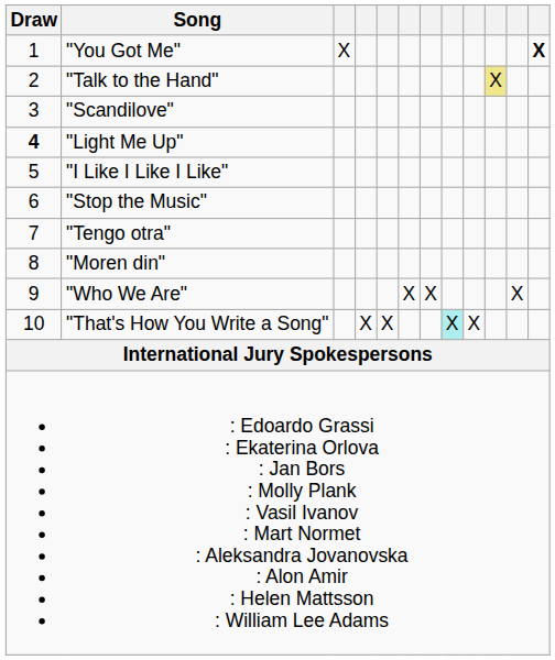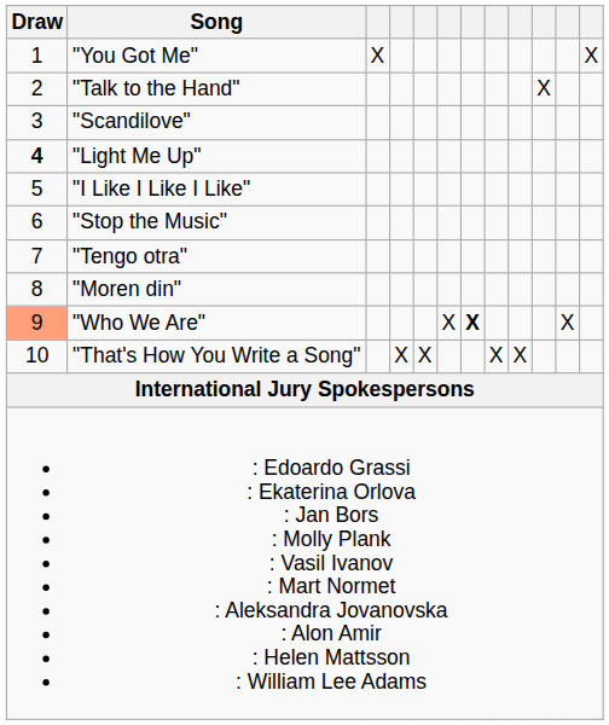 <table class="wikitable collapsible" style="margin: 1em auto 1em auto; text-align:center;">
 <tr>
 <th>Draw</th>
 <th>Song</th>
 <th></th>
 <th></th>
 <th></th>
 <th></th>
 <th></th>
 <th></th>
 <th></th>
 <th></th>
 <th></th>
 <th></th>
 </tr>
 <tr>
 <td>1</td>
 <td align="left">"You Got Me"</td>
 <td>X</td>
 <td></td>
 <td></td>
 <td></td>
 <td></td>
 <td></td>
 <td></td>
 <td></td>
 <td></td>
-<td><strong>X</strong></td>
+<td>X</td>
 </tr>
 <tr>
 <td>2</td>
 <td align="left">"Talk to the Hand"</td>
 <td></td>
 <td></td>
 <td></td>
 <td></td>
 <td></td>
 <td></td>
 <td></td>
-<td style="background: khaki;">X</td>
+<td>X</td>
 <td></td>
 <td></td>
 </tr>
 <tr>
 <td>3</td>
 <td align="left">"Scandilove"</td>
 <td></td>
 <td></td>
 <td></td>
 <td></td>
 <td></td>
 <td></td>
 <td></td>
 <td></td>
 <td></td>
 <td></td>
 </tr>
 <tr>
 <td><strong>4</strong></td>
 <td align="left">"Light Me Up"</td>
 <td></td>
 <td></td>
 <td></td>
 <td></td>
 <td></td>
 <td></td>
 <td></td>
 <td></td>
 <td></td>
 <td></td>
 </tr>
 <tr>
 <td>5</td>
 <td align="left">"I Like I Like I Like"</td>
 <td></td>
 <td></td>
 <td></td>
 <td></td>
 <td></td>
 <td></td>
 <td></td>
 <td></td>
 <td></td>
 <td></td>
 </tr>
 <tr>
 <td>6</td>
 <td align="left">"Stop the Music"</td>
 <td></td>
 <td></td>
 <td></td>
 <td></td>
 <td></td>
 <td></td>
 <td></td>
 <td></td>
 <td></td>
 <td></td>
 </tr>
 <tr>
 <td>7</td>
 <td align="left">"Tengo otra"</td>
 <td></td>
 <td></td>
 <td></td>
 <td></td>
 <td></td>
 <td></td>
 <td></td>
 <td></td>
 <td></td>
 <td></td>
 </tr>
 <tr>
 <td>8</td>
 <td align="left">"Moren din"</td>
 <td></td>
 <td></td>
 <td></td>
 <td></td>
 <td></td>
 <td></td>
 <td></td>
 <td></td>
 <td></td>
 <td></td>
 </tr>
 <tr>
-<td>9</td>
+<td style="background: lightsalmon;">9</td>
 <td align="left">"Who We Are"</td>
 <td></td>
 <td></td>
 <td></td>
 <td>X</td>
-<td>X</td>
+<td><strong>X</strong></td>
 <td></td>
 <td></td>
 <td></td>
 <td>X</td>
 <td></td>
 </tr>
 <tr>
 <td>10</td>
 <td align="left">"That's How You Write a Song"</td>
 <td></td>
 <td>X</td>
 <td>X</td>
 <td></td>
 <td></td>
-<td style="background: paleturquoise;">X</td>
+<td>X</td>
 <td>X</td>
 <td></td>
 <td></td>
 <td></td>
 </tr>
 <tr>
 <th colspan="12"><strong>International Jury Spokespersons</strong></th>
 </tr>
 <tr>
 <td colspan="12"><br><ul><li>: Edoardo Grassi</li><li>: Ekaterina Orlova</li><li>: Jan Bors</li><li>: Molly Plank</li><li>: Vasil Ivanov</li><li>: Mart Normet</li><li>: Aleksandra Jovanovska</li><li>: Alon Amir</li><li>: Helen Mattsson</li><li>: William Lee Adams</li></ul></td>
 </tr>
 </table>
